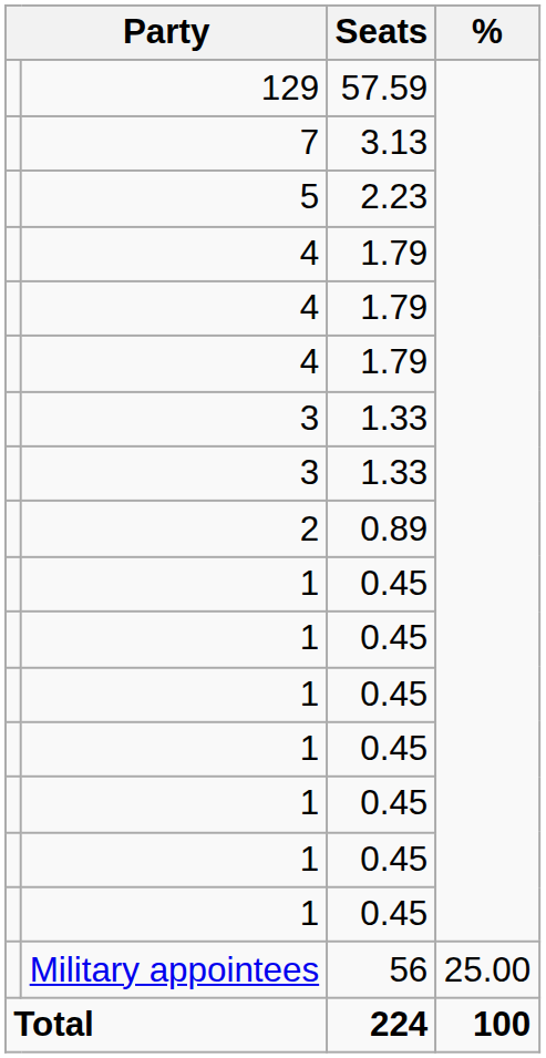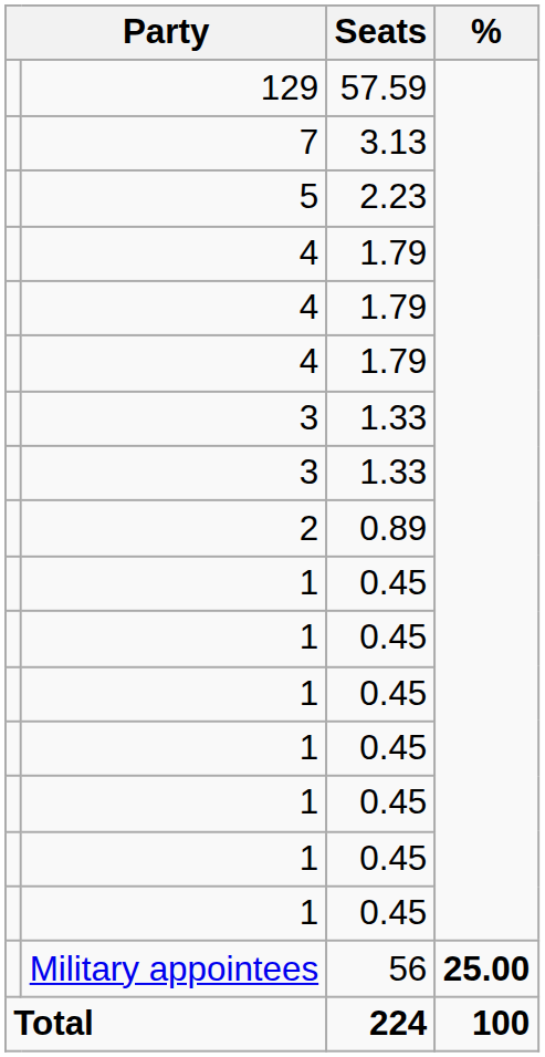 <table class="wikitable sortable" style=text-align:right>
 <tr>
 <th colspan=2>Party</th>
 <th>Seats</th>
 <th>%</th>
 </tr>
 <tr>
 <td></td>
 <td>129</td>
 <td>57.59</td>
 </tr>
 <tr>
 <td></td>
 <td>7</td>
 <td>3.13</td>
 </tr>
 <tr>
 <td></td>
 <td>5</td>
 <td>2.23</td>
 </tr>
 <tr>
 <td></td>
 <td>4</td>
 <td>1.79</td>
 </tr>
 <tr>
 <td></td>
 <td>4</td>
 <td>1.79</td>
 </tr>
 <tr>
 <td></td>
 <td>4</td>
 <td>1.79</td>
 </tr>
 <tr>
 <td></td>
 <td>3</td>
 <td>1.33</td>
 </tr>
 <tr>
 <td></td>
 <td>3</td>
 <td>1.33</td>
 </tr>
 <tr>
 <td></td>
 <td>2</td>
 <td>0.89</td>
 </tr>
 <tr>
 <td></td>
 <td>1</td>
 <td>0.45</td>
 </tr>
 <tr>
 <td></td>
 <td>1</td>
 <td>0.45</td>
 </tr>
 <tr>
 <td></td>
 <td>1</td>
 <td>0.45</td>
 </tr>
 <tr>
 <td></td>
 <td>1</td>
 <td>0.45</td>
 </tr>
 <tr>
 <td></td>
 <td>1</td>
 <td>0.45</td>
 </tr>
 <tr>
 <td></td>
 <td>1</td>
 <td>0.45</td>
 </tr>
 <tr>
 <td></td>
 <td>1</td>
 <td>0.45</td>
 </tr>
 <tr>
 <td></td>
 <td align=left><a href='#'>Military appointees</a></td>
 <td>56</td>
-<td>25.00</td>
+<td><strong>25.00</strong></td>
 </tr>
 <tr>
 <td align=left colspan=2><strong>Total</strong></td>
 <td><strong>224</strong></td>
 <td><strong>100</strong></td>
 </tr>
 </table>
